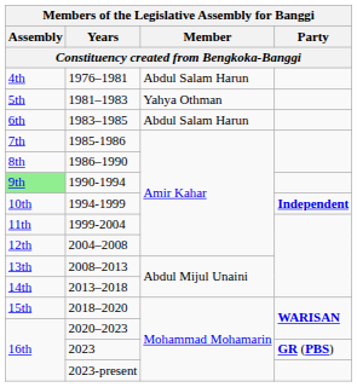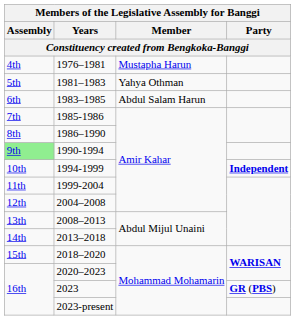 <table class="wikitable">
 <tr>
 <th colspan="4">Members of the Legislative Assembly for Banggi</th>
 </tr>
 <tr>
 <th>Assembly</th>
 <th>Years</th>
 <th>Member</th>
 <th>Party</th>
 </tr>
 <tr>
 <th colspan="4" align="center"><em>Constituency created from Bengkoka-Banggi</em></th>
 </tr>
 <tr>
 <td><a href='#'>4th</a></td>
 <td>1976–1981</td>
-<td>Abdul Salam Harun</td>
+<td><a href='#'>Mustapha Harun</a></td>
 <td></td>
 </tr>
 <tr>
 <td><a href='#'>5th</a></td>
 <td>1981–1983</td>
 <td>Yahya Othman</td>
 <td></td>
 </tr>
 <tr>
 <td><a href='#'>6th</a></td>
 <td>1983–1985</td>
 <td>Abdul Salam Harun</td>
 <td></td>
 </tr>
 <tr>
 <td><a href='#'>7th</a></td>
 <td>1985-1986</td>
 <td rowspan="6"><a href='#'>Amir Kahar</a></td>
 <td rowspan="2"></td>
 </tr>
 <tr>
 <td><a href='#'>8th</a></td>
 <td>1986–1990</td>
 </tr>
 <tr>
 <td style="background: lightgreen;"><a href='#'>9th</a></td>
 <td>1990-1994</td>
 <td></td>
 </tr>
 <tr>
 <td><a href='#'>10th</a></td>
 <td>1994-1999</td>
 <td><strong><a href='#'>Independent</a></strong></td>
 </tr>
 <tr>
 <td><a href='#'>11th</a></td>
 <td>1999-2004</td>
 <td rowspan="4"></td>
 </tr>
 <tr>
 <td><a href='#'>12th</a></td>
 <td>2004–2008</td>
 </tr>
 <tr>
 <td><a href='#'>13th</a></td>
 <td>2008–2013</td>
 <td rowspan="2">Abdul Mijul Unaini</td>
 </tr>
 <tr>
 <td><a href='#'>14th</a></td>
 <td>2013–2018</td>
 </tr>
 <tr>
 <td><a href='#'>15th</a></td>
 <td>2018–2020</td>
 <td rowspan="4"><a href='#'>Mohammad Mohamarin</a></td>
 <td rowspan="2"><strong><a href='#'>WARISAN</a></strong></td>
 </tr>
 <tr>
 <td rowspan="3"><a href='#'>16th</a></td>
 <td>2020–2023</td>
 </tr>
 <tr>
 <td>2023</td>
 <td><strong><a href='#'>GR</a></strong> (<strong><a href='#'>PBS</a></strong>)</td>
 </tr>
 <tr>
 <td>2023-present</td>
 <td></td>
 </tr>
 </table>
